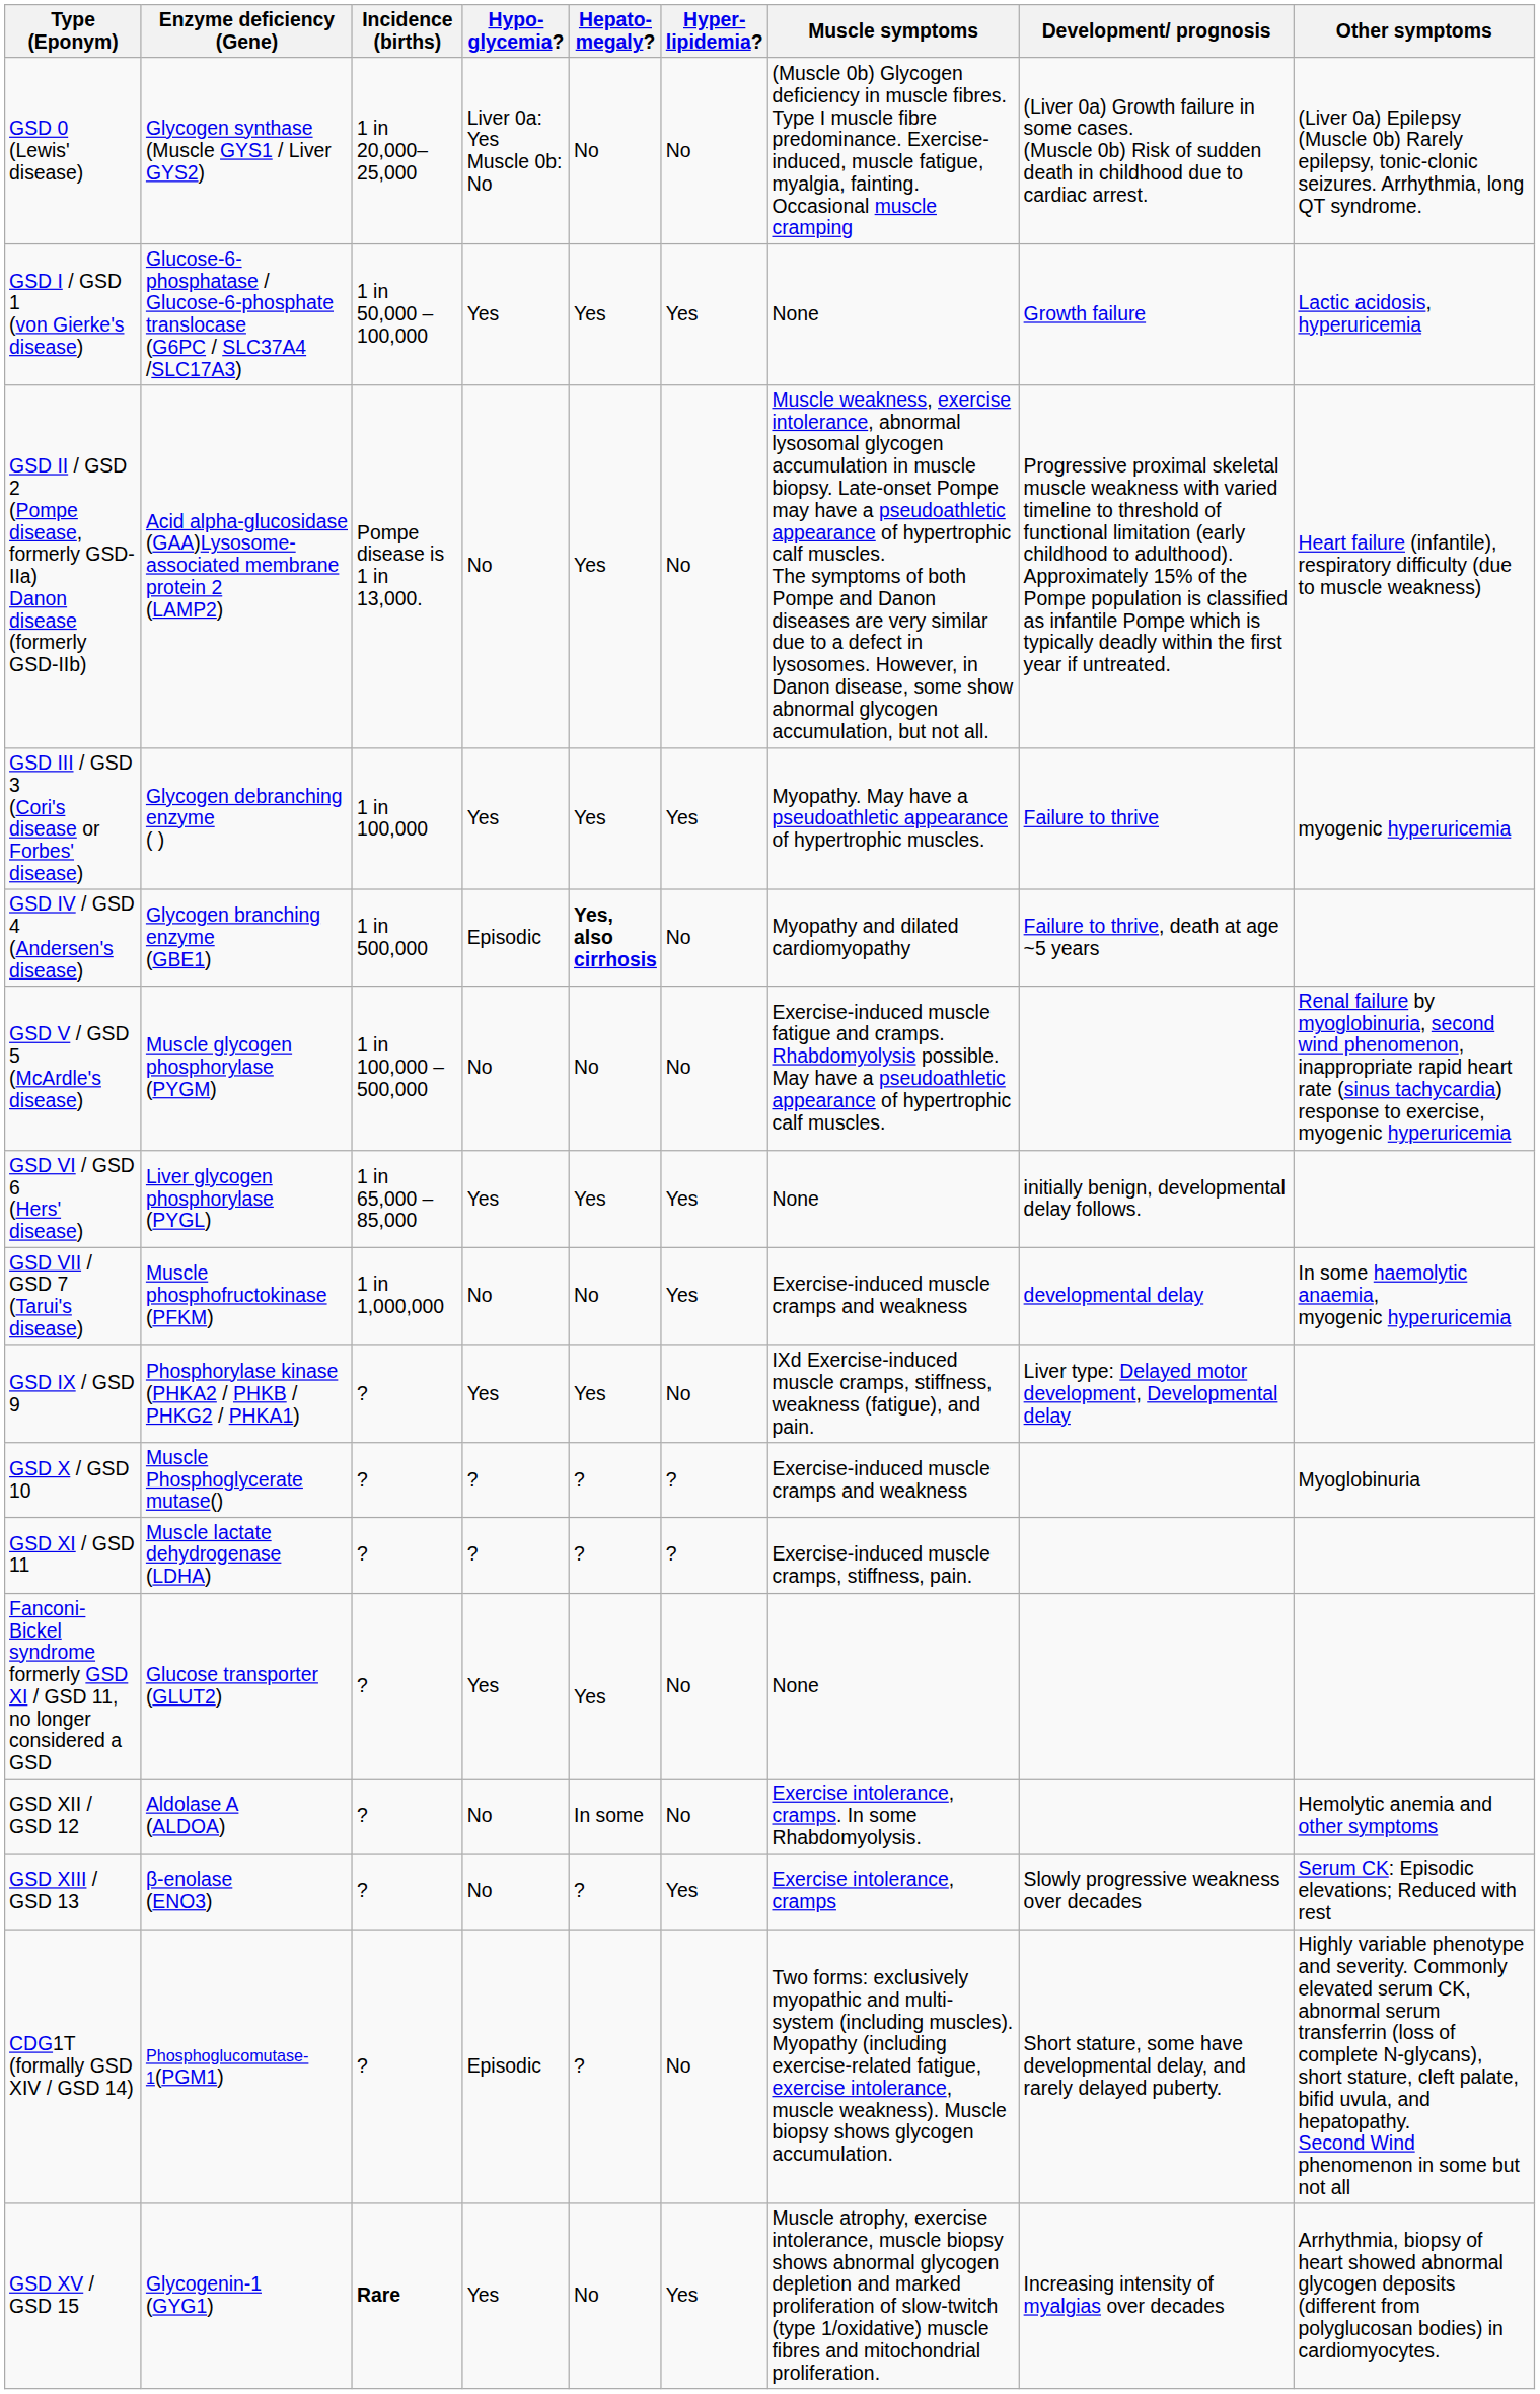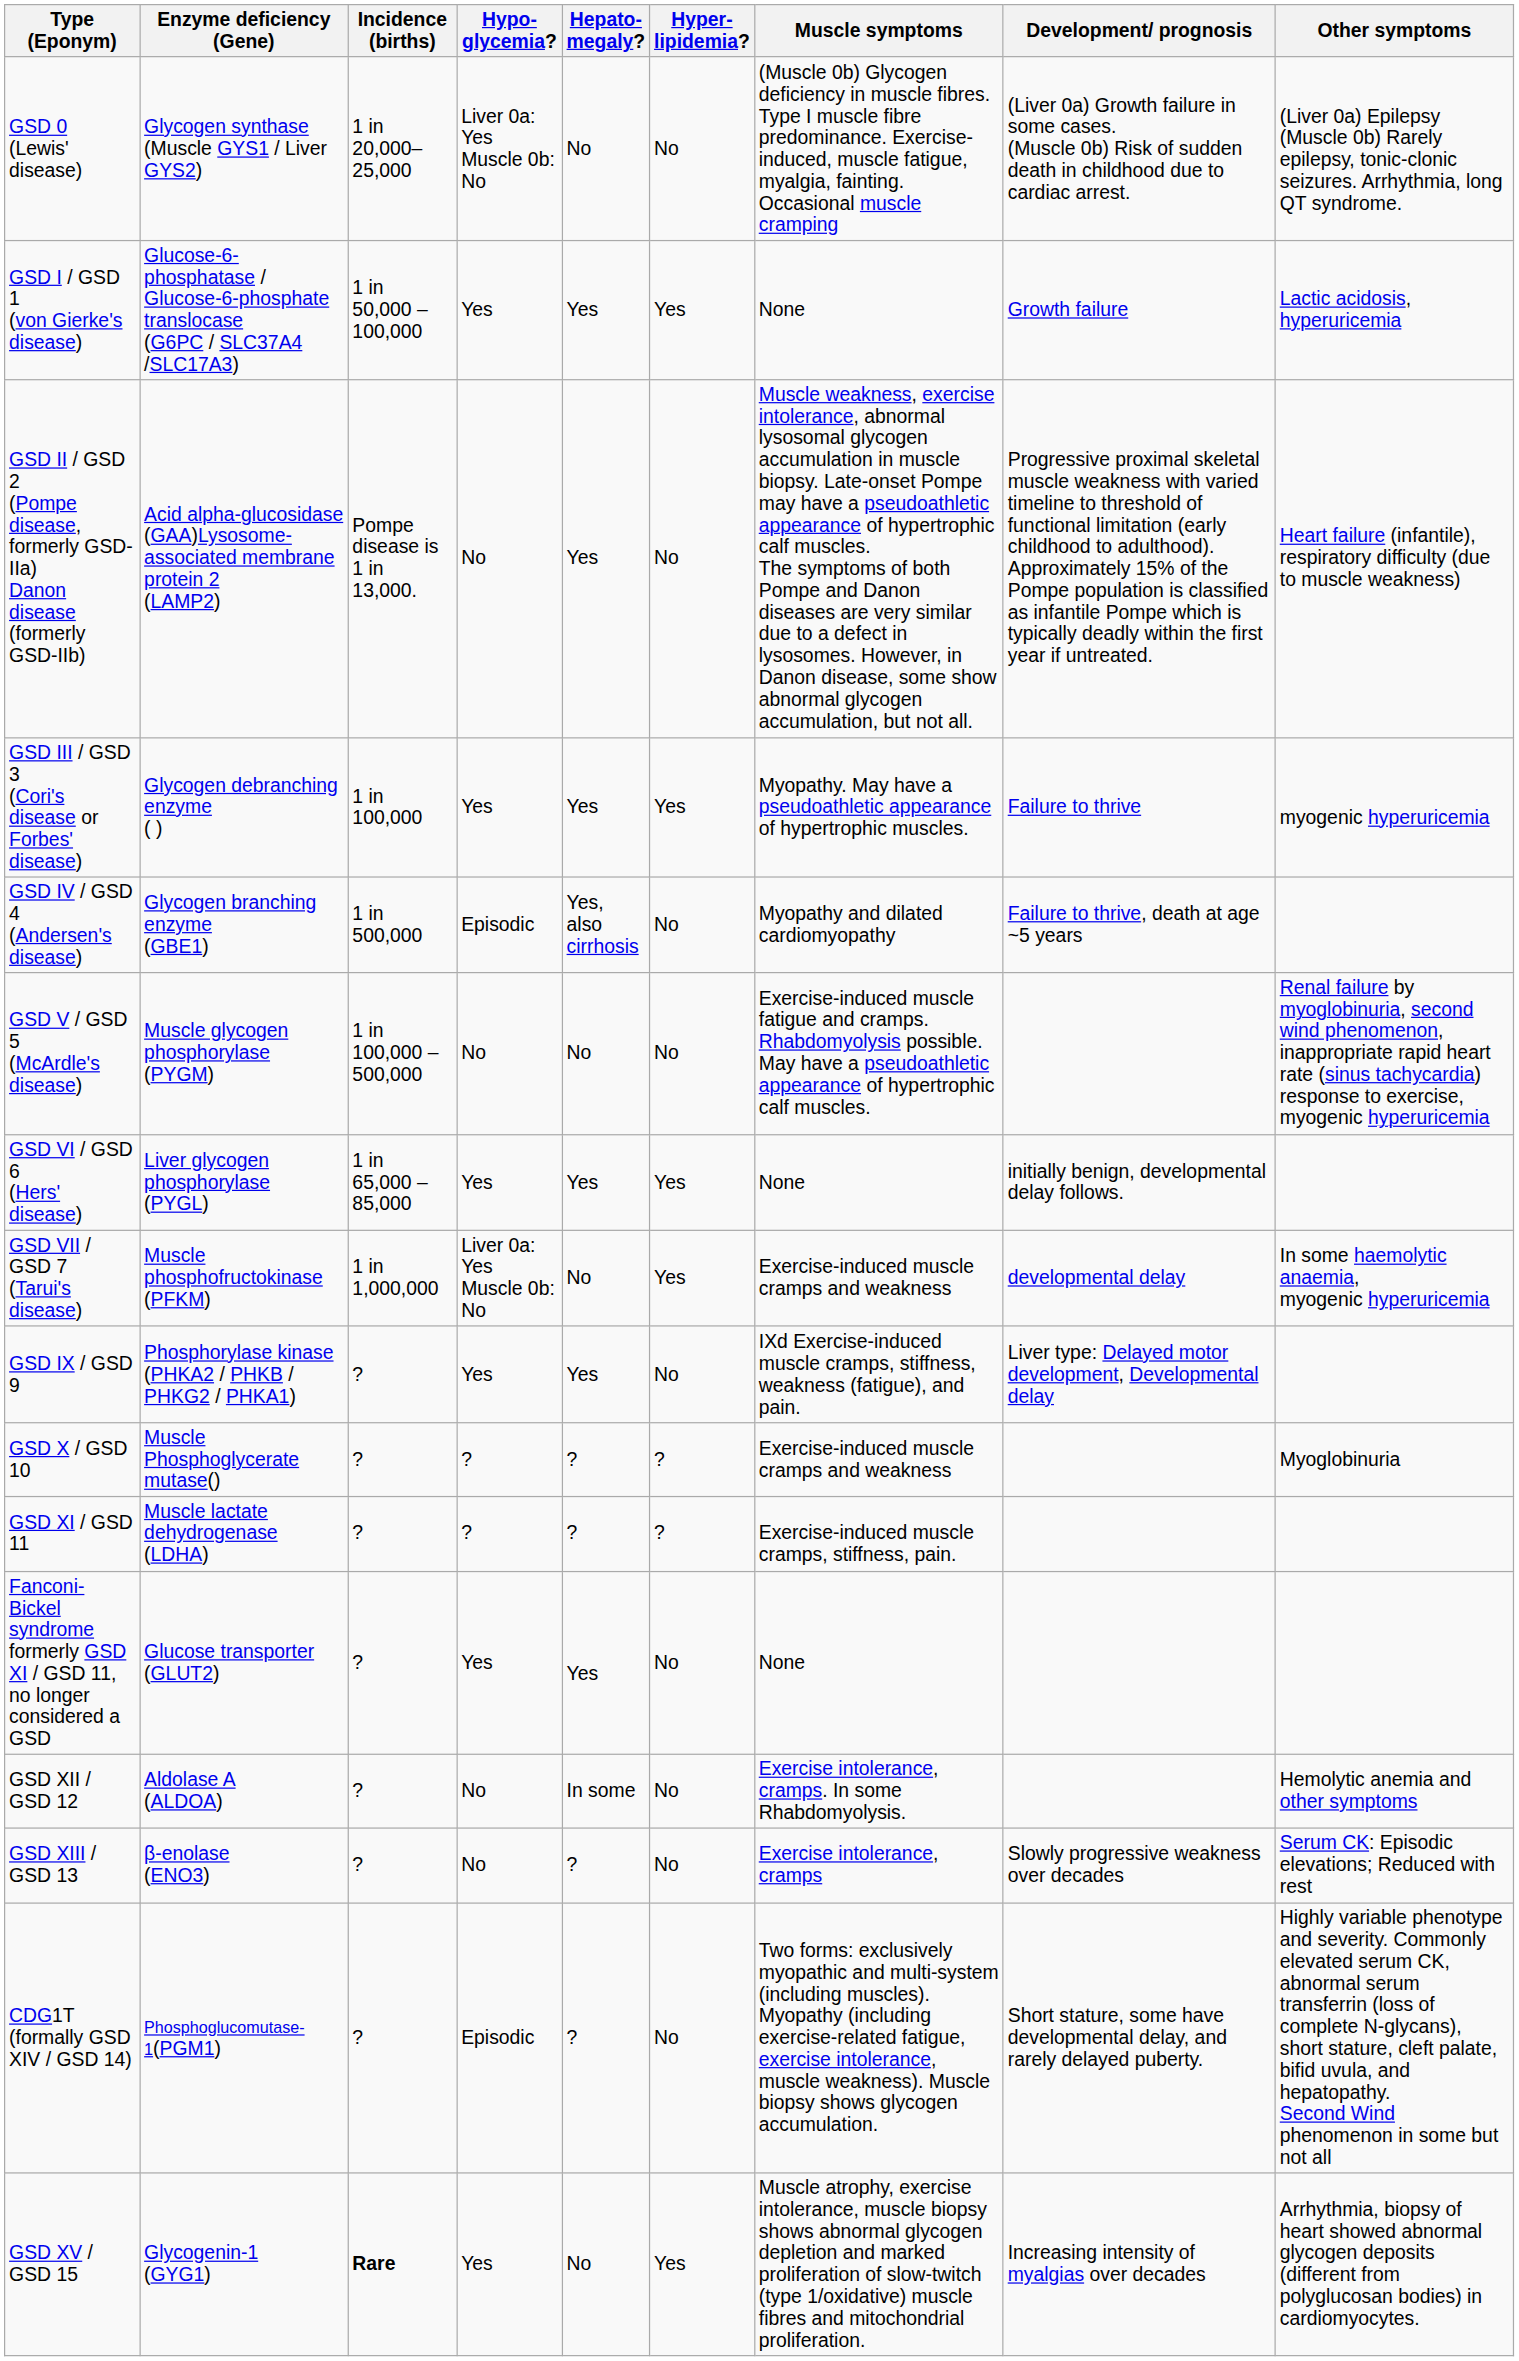 <table class="wikitable">
 <tr>
 <th>Type<br>(Eponym)</th>
 <th>Enzyme deficiency<br>(Gene)</th>
 <th>Incidence (births)</th>
 <th><a href='#'>Hypo-<br>glycemia</a>?</th>
 <th><a href='#'>Hepato-<br>megaly</a>?</th>
 <th><a href='#'>Hyper-<br>lipidemia</a>?</th>
 <th>Muscle symptoms</th>
 <th>Development/ prognosis</th>
 <th>Other symptoms</th>
 </tr>
 <tr>
 <td><a href='#'>GSD 0</a><br>(Lewis' disease)</td>
 <td><a href='#'>Glycogen synthase</a> <br>(Muscle <a href='#'>GYS1</a> / Liver <a href='#'>GYS2</a>)</td>
 <td>1 in 20,000–25,000</td>
 <td>Liver 0a: Yes<br>Muscle 0b: No</td>
 <td>No</td>
 <td>No</td>
 <td>(Muscle 0b) Glycogen deficiency in muscle fibres. Type I muscle fibre predominance. Exercise-induced, muscle fatigue, myalgia, fainting. Occasional <a href='#'>muscle cramping</a> </td>
 <td>(Liver 0a) Growth failure in some cases.<br>(Muscle 0b) Risk of sudden death in childhood due to cardiac arrest.</td>
 <td><br>(Liver 0a) Epilepsy<br>(Muscle 0b) Rarely epilepsy, tonic-clonic seizures. Arrhythmia, long QT syndrome.</td>
 </tr>
 <tr>
 <td><a href='#'>GSD I</a> / GSD 1 <br>(<a href='#'>von Gierke's disease</a>)</td>
 <td><a href='#'>Glucose-6-phosphatase</a> / <a href='#'>Glucose-6-phosphate translocase</a>  <br>(<a href='#'>G6PC</a> / <a href='#'>SLC37A4</a> /<a href='#'>SLC17A3</a>)</td>
 <td>1 in 50,000 – 100,000</td>
 <td>Yes</td>
 <td>Yes</td>
 <td>Yes</td>
 <td>None</td>
 <td><a href='#'>Growth failure</a></td>
 <td><a href='#'>Lactic acidosis</a>, <a href='#'>hyperuricemia</a></td>
 </tr>
 <tr>
 <td><a href='#'>GSD II</a> / GSD 2 <br>(<a href='#'>Pompe disease</a>, formerly GSD-IIa)<br><a href='#'>Danon disease</a> (formerly GSD-IIb)</td>
 <td><a href='#'>Acid alpha-glucosidase</a><br>(<a href='#'>GAA</a>)<a href='#'>Lysosome-associated membrane protein 2</a><br>(<a href='#'>LAMP2</a>)</td>
 <td>Pompe disease is 1 in 13,000.</td>
 <td>No</td>
 <td>Yes</td>
 <td>No</td>
 <td><a href='#'>Muscle weakness</a>, <a href='#'>exercise intolerance</a>, abnormal lysosomal glycogen accumulation in muscle biopsy. Late-onset Pompe may have a <a href='#'>pseudoathletic appearance</a> of hypertrophic calf muscles.<br>The symptoms of both Pompe and Danon diseases are very similar due to a defect in lysosomes. However, in Danon disease, some show abnormal glycogen accumulation, but not all.</td>
 <td>Progressive proximal skeletal muscle weakness with varied timeline to threshold of functional limitation (early childhood to adulthood). Approximately 15% of the Pompe population is classified as infantile Pompe which is typically deadly within the first year if untreated.</td>
 <td><a href='#'>Heart failure</a> (infantile), respiratory difficulty (due to muscle weakness)</td>
 </tr>
 <tr>
 <td><a href='#'>GSD III</a> / GSD 3 <br>(<a href='#'>Cori's disease</a> or <a href='#'>Forbes' disease</a>)</td>
 <td><a href='#'>Glycogen debranching enzyme</a><br>( )</td>
 <td>1 in 100,000</td>
 <td>Yes</td>
 <td>Yes</td>
 <td>Yes</td>
 <td>Myopathy. May have a <a href='#'>pseudoathletic appearance</a> of hypertrophic muscles.</td>
 <td><a href='#'>Failure to thrive</a></td>
 <td><br>myogenic <a href='#'>hyperuricemia</a></td>
 </tr>
 <tr>
 <td><a href='#'>GSD IV</a> / GSD 4<br>(<a href='#'>Andersen's disease</a>)</td>
 <td><a href='#'>Glycogen branching enzyme</a><br>(<a href='#'>GBE1</a>)</td>
 <td>1 in 500,000</td>
 <td>Episodic</td>
-<td><strong>Yes,<br>also<br> <a href='#'>cirrhosis</a></strong></td>
+<td>Yes,<br>also<br> <a href='#'>cirrhosis</a></td>
 <td>No</td>
 <td>Myopathy and dilated cardiomyopathy</td>
 <td><a href='#'>Failure to thrive</a>, death at age ~5 years</td>
 <td></td>
 </tr>
 <tr>
 <td><a href='#'>GSD V</a> / GSD 5<br>(<a href='#'>McArdle's disease</a>)</td>
 <td><a href='#'>Muscle glycogen phosphorylase</a><br>(<a href='#'>PYGM</a>)</td>
 <td>1 in 100,000 – 500,000</td>
 <td>No</td>
 <td>No</td>
 <td>No</td>
 <td>Exercise-induced muscle fatigue and cramps. <a href='#'>Rhabdomyolysis</a> possible. May have a <a href='#'>pseudoathletic appearance</a> of hypertrophic calf muscles.</td>
 <td></td>
 <td><a href='#'>Renal failure</a> by <a href='#'>myoglobinuria</a>, <a href='#'>second wind phenomenon</a>, inappropriate rapid heart rate (<a href='#'>sinus tachycardia</a>) response to exercise, myogenic <a href='#'>hyperuricemia</a></td>
 </tr>
 <tr>
 <td><a href='#'>GSD VI</a> / GSD 6 <br>(<a href='#'>Hers' disease</a>)</td>
 <td><a href='#'>Liver glycogen phosphorylase</a> <br>(<a href='#'>PYGL</a>)</td>
 <td>1 in 65,000 – 85,000</td>
 <td>Yes</td>
 <td>Yes</td>
 <td>Yes</td>
 <td>None</td>
 <td>initially benign, developmental delay follows.</td>
 <td></td>
 </tr>
 <tr>
 <td><a href='#'>GSD VII</a> / GSD 7 <br>(<a href='#'>Tarui's disease</a>)</td>
 <td><a href='#'>Muscle phosphofructokinase</a> <br>(<a href='#'>PFKM</a>)</td>
 <td>1 in 1,000,000</td>
-<td>No</td>
+<td>Liver 0a: Yes<br>Muscle 0b: No</td>
 <td>No</td>
 <td>Yes</td>
 <td>Exercise-induced muscle cramps and weakness</td>
 <td><a href='#'>developmental delay</a></td>
 <td>In some <a href='#'>haemolytic anaemia</a>,<br>myogenic <a href='#'>hyperuricemia</a></td>
 </tr>
 <tr>
 <td><a href='#'>GSD IX</a> / GSD 9</td>
 <td><a href='#'>Phosphorylase kinase</a> <br>(<a href='#'>PHKA2</a> / <a href='#'>PHKB</a> / <a href='#'>PHKG2</a> / <a href='#'>PHKA1</a>)</td>
 <td>?</td>
 <td>Yes</td>
 <td>Yes</td>
 <td>No</td>
 <td>IXd Exercise-induced muscle cramps, stiffness, weakness (fatigue), and pain.</td>
 <td>Liver type: <a href='#'>Delayed motor development</a>, <a href='#'>Developmental delay</a></td>
 <td></td>
 </tr>
 <tr>
 <td><a href='#'>GSD X</a> / GSD 10</td>
 <td><a href='#'>Muscle Phosphoglycerate mutase</a>()</td>
 <td>?</td>
 <td>?</td>
 <td>?</td>
 <td>?</td>
 <td>Exercise-induced muscle cramps and weakness</td>
 <td></td>
 <td>Myoglobinuria</td>
 </tr>
 <tr>
 <td><a href='#'>GSD XI</a> / GSD 11</td>
 <td><a href='#'>Muscle lactate dehydrogenase</a><br>(<a href='#'>LDHA</a>)</td>
 <td>?</td>
 <td>?</td>
 <td>?</td>
 <td>?</td>
 <td><br>Exercise-induced muscle cramps, stiffness, pain.</td>
 <td></td>
 <td></td>
 </tr>
 <tr>
 <td><a href='#'>Fanconi-Bickel syndrome</a><br>formerly <a href='#'>GSD XI</a> / GSD 11, no longer considered a GSD</td>
 <td><a href='#'>Glucose transporter</a><br>(<a href='#'>GLUT2</a>)</td>
 <td>?</td>
 <td>Yes</td>
 <td><br>Yes</td>
 <td>No</td>
 <td>None</td>
 <td></td>
 <td></td>
 </tr>
 <tr>
 <td>GSD XII / GSD 12<br></td>
 <td><a href='#'>Aldolase A</a><br>(<a href='#'>ALDOA</a>)</td>
 <td>?</td>
 <td>No</td>
 <td>In some</td>
 <td>No</td>
 <td><a href='#'>Exercise intolerance</a>, <a href='#'>cramps</a>. In some Rhabdomyolysis.</td>
 <td></td>
 <td>Hemolytic anemia and <a href='#'>other symptoms</a></td>
 </tr>
 <tr>
 <td><a href='#'>GSD XIII</a> / GSD 13</td>
 <td><a href='#'>β-enolase</a><br>(<a href='#'>ENO3</a>)</td>
 <td>?</td>
 <td>No</td>
 <td>?</td>
-<td>Yes</td>
+<td>No</td>
 <td><a href='#'>Exercise intolerance</a>, <a href='#'>cramps</a></td>
 <td>Slowly progressive weakness over decades</td>
 <td><a href='#'>Serum CK</a>: Episodic elevations; Reduced with rest</td>
 </tr>
 <tr>
 <td><a href='#'>CDG</a>1T (formally GSD XIV / GSD 14)</td>
 <td><a href='#'><small>Phosphoglucomutase-1</small></a>(<a href='#'>PGM1</a>)</td>
 <td>?</td>
 <td>Episodic</td>
 <td>?</td>
 <td>No</td>
 <td>Two forms: exclusively myopathic and multi-system (including muscles).<br>Myopathy (including exercise-related fatigue, <a href='#'>exercise intolerance</a>, muscle weakness). Muscle biopsy shows glycogen accumulation.</td>
 <td>Short stature, some have developmental delay, and rarely delayed puberty.</td>
 <td>Highly variable phenotype and severity. Commonly elevated serum CK, abnormal serum transferrin (loss of complete N-glycans), short stature, cleft palate, bifid uvula, and hepatopathy.<br><a href='#'>Second Wind</a> phenomenon in some but not all</td>
 </tr>
 <tr>
 <td><a href='#'>GSD XV</a> / GSD 15</td>
 <td><a href='#'>Glycogenin-1</a><br>(<a href='#'>GYG1</a>)</td>
 <td><strong>Rare</strong></td>
 <td>Yes</td>
 <td>No</td>
 <td>Yes</td>
 <td>Muscle atrophy, exercise intolerance, muscle biopsy shows abnormal glycogen depletion and marked proliferation of slow-twitch (type 1/oxidative) muscle fibres and mitochondrial proliferation.</td>
 <td>Increasing intensity of <a href='#'>myalgias</a> over decades</td>
 <td>Arrhythmia, biopsy of heart showed abnormal glycogen deposits (different from polyglucosan bodies) in cardiomyocytes.</td>
 </tr>
 </table>
